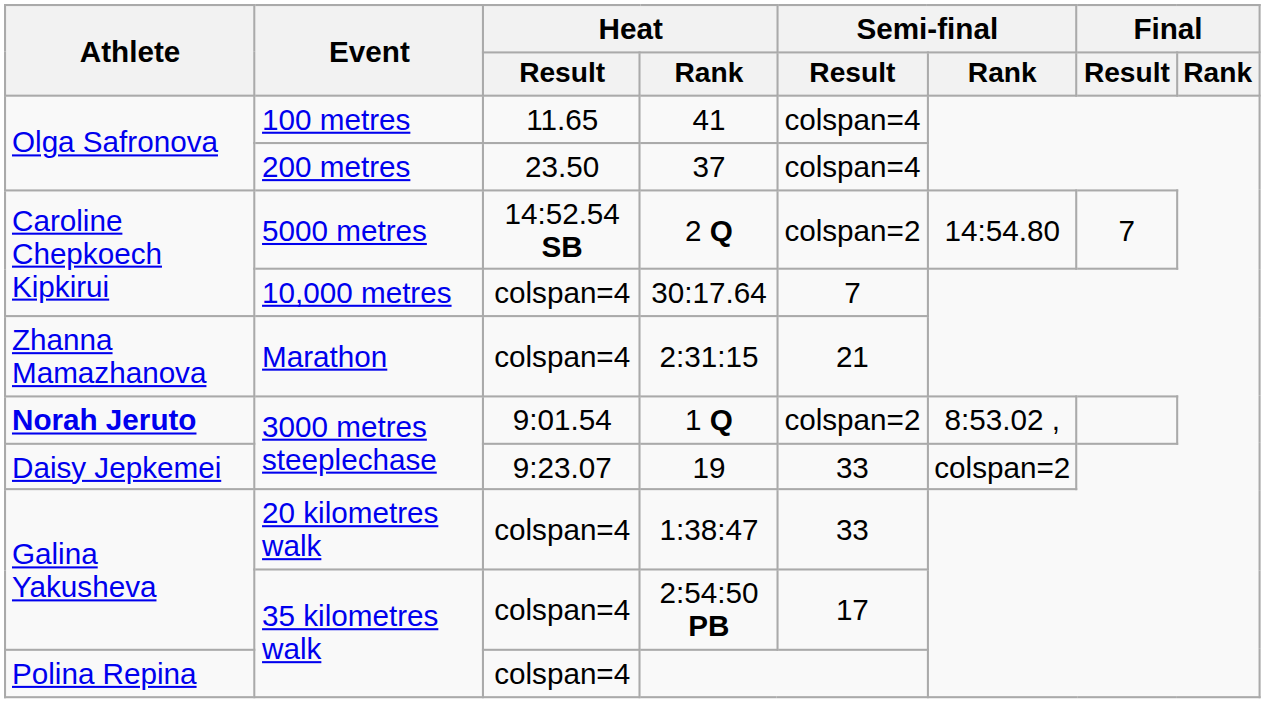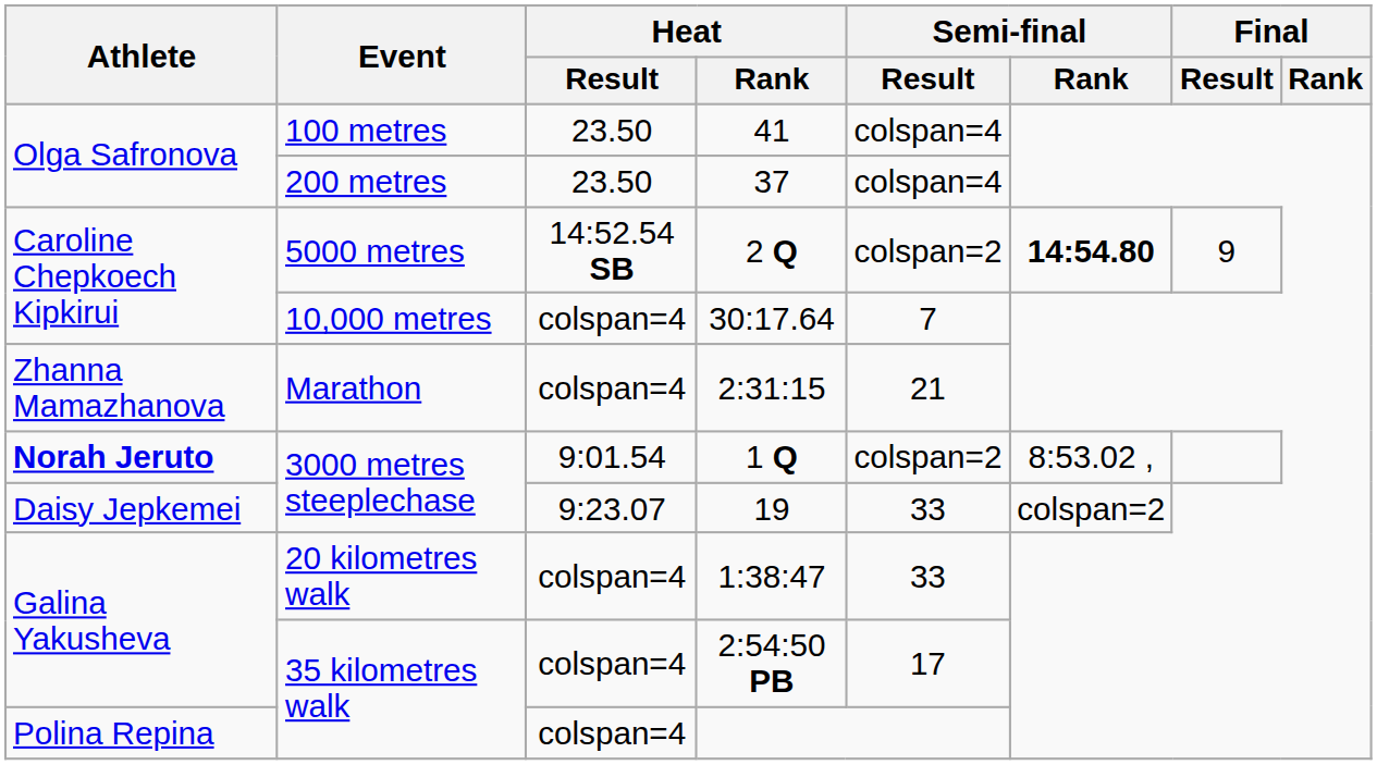 <table class="wikitable" style="font-size:90%">
 <tr>
 <th rowspan="2">Athlete</th>
 <th rowspan="2">Event</th>
 <th colspan="2">Heat</th>
 <th colspan="2">Semi-final</th>
 <th colspan="2">Final</th>
 </tr>
 <tr style="font-size:95%">
 <th>Result</th>
 <th>Rank</th>
 <th>Result</th>
 <th>Rank</th>
 <th>Result</th>
 <th>Rank</th>
 </tr>
 <tr style=text-align:center>
 <td rowspan="2" style="text-align:left"><a href='#'>Olga Safronova</a></td>
 <td style=text-align:left><a href='#'>100 metres</a></td>
-<td>11.65</td>
+<td>23.50</td>
 <td>41</td>
 <td>colspan=4</td>
 </tr>
 <tr style=text-align:center>
 <td style=text-align:left><a href='#'>200 metres</a></td>
 <td>23.50</td>
 <td>37</td>
 <td>colspan=4</td>
 </tr>
 <tr style=text-align:center>
 <td rowspan="2" style="text-align:left"><a href='#'>Caroline Chepkoech Kipkirui</a></td>
 <td style=text-align:left><a href='#'>5000 metres</a></td>
 <td>14:52.54 <strong>SB</strong></td>
 <td>2 <strong>Q</strong></td>
 <td>colspan=2 </td>
-<td>14:54.80</td>
-<td>7</td>
+<td><strong>14:54.80</strong></td>
+<td>9</td>
 </tr>
 <tr style=text-align:center>
 <td style=text-align:left><a href='#'>10,000 metres</a></td>
 <td>colspan=4 </td>
 <td>30:17.64 </td>
 <td>7</td>
 </tr>
 <tr style=text-align:center>
 <td style=text-align:left><a href='#'>Zhanna Mamazhanova</a></td>
 <td style=text-align:left><a href='#'>Marathon</a></td>
 <td>colspan=4 </td>
 <td>2:31:15</td>
 <td>21</td>
 </tr>
 <tr style=text-align:center>
 <td style=text-align:left><strong><a href='#'>Norah Jeruto</a></strong></td>
 <td style=text-align:left rowspan=2><a href='#'>3000 metres steeplechase</a></td>
 <td>9:01.54</td>
 <td>1 <strong>Q</strong></td>
 <td>colspan=2 </td>
 <td>8:53.02 , </td>
 <td></td>
 </tr>
 <tr style=text-align:center>
 <td style=text-align:left><a href='#'>Daisy Jepkemei</a></td>
 <td>9:23.07</td>
 <td>19</td>
 <td>33</td>
 <td>colspan=2 </td>
 </tr>
 <tr style=text-align:center>
 <td rowspan="2" style="text-align:left"><a href='#'>Galina Yakusheva</a></td>
 <td style=text-align:left><a href='#'>20 kilometres walk</a></td>
 <td>colspan=4 </td>
 <td>1:38:47</td>
 <td>33</td>
 </tr>
 <tr style=text-align:center>
 <td rowspan="2" style="text-align:left"><a href='#'>35 kilometres walk</a></td>
 <td>colspan=4 </td>
 <td>2:54:50 <strong>PB</strong></td>
 <td>17</td>
 </tr>
 <tr style=text-align:center>
 <td style=text-align:left><a href='#'>Polina Repina</a></td>
 <td>colspan=4 </td>
 <td colspan="2"></td>
 </tr>
 </table>
